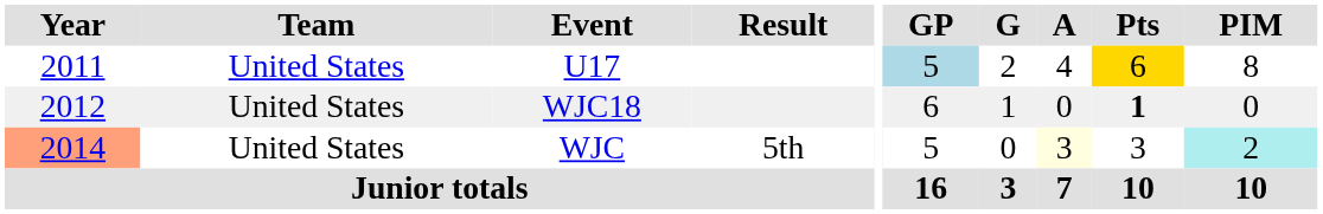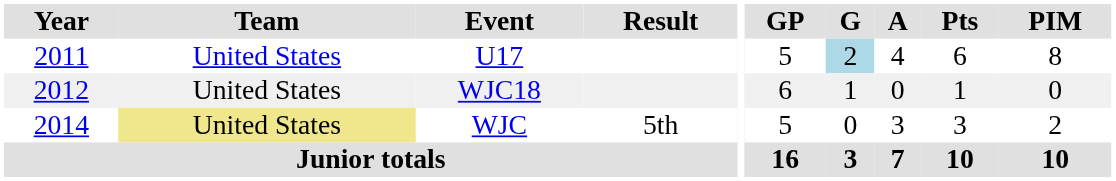 <table border="0" cellpadding="1" cellspacing="0" ID="Table3" style="text-align:center; width:40em">
 <tr ALIGN="center" bgcolor="#e0e0e0">
 <th>Year</th>
 <th>Team</th>
 <th>Event</th>
 <th>Result</th>
 <th rowspan="99" bgcolor="#ffffff"></th>
 <th>GP</th>
 <th>G</th>
 <th>A</th>
 <th>Pts</th>
 <th>PIM</th>
 </tr>
 <tr>
 <td><a href='#'>2011</a></td>
 <td><a href='#'>United States</a></td>
 <td><a href='#'>U17</a></td>
 <td></td>
-<td style="background: lightblue;">5</td>
-<td>2</td>
+<td>5</td>
+<td style="background: lightblue;">2</td>
 <td>4</td>
-<td style="background: gold;">6</td>
+<td>6</td>
 <td>8</td>
 </tr>
 <tr bgcolor="#f0f0f0">
 <td><a href='#'>2012</a></td>
 <td>United States</td>
 <td><a href='#'>WJC18</a></td>
 <td></td>
 <td>6</td>
 <td>1</td>
 <td>0</td>
-<td><strong>1</strong></td>
+<td>1</td>
 <td>0</td>
 </tr>
 <tr>
-<td style="background: lightsalmon;"><a href='#'>2014</a></td>
-<td>United States</td>
+<td><a href='#'>2014</a></td>
+<td style="background: khaki;">United States</td>
 <td><a href='#'>WJC</a></td>
 <td>5th</td>
 <td>5</td>
 <td>0</td>
-<td style="background: lightyellow;">3</td>
 <td>3</td>
-<td style="background: paleturquoise;">2</td>
+<td>3</td>
+<td>2</td>
 </tr>
 <tr bgcolor="#e0e0e0">
 <th colspan="4">Junior totals</th>
 <th>16</th>
 <th>3</th>
 <th>7</th>
 <th>10</th>
 <th>10</th>
 </tr>
 </table>
